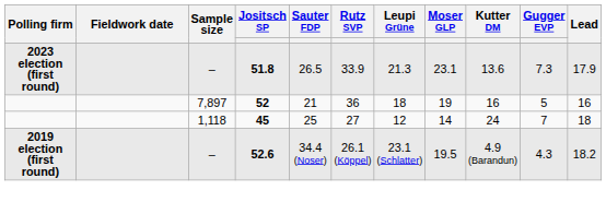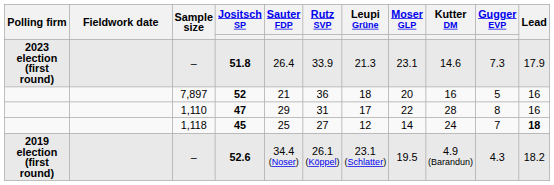 <table class="wikitable sortable" style="text-align:center;font-size:90%;line-height:14px;">
 <tr style="height:40px;">
 <th style="width:80px;" rowspan="2">Polling firm</th>
 <th style="width:130px;" rowspan="2">Fieldwork date</th>
 <th style="width:35px;" rowspan="2">Sample<br>size</th>
 <th class="unsortable" style="width:40px;"><a href='#'>Jositsch</a><br><small><a href='#'>SP</a></small></th>
 <th class="unsortable" style="width:40px;"><a href='#'>Sauter</a><br><small><a href='#'>FDP</a></small></th>
 <th class="unsortable" style="width:40px;"><a href='#'>Rutz</a><br><small><a href='#'>SVP</a></small></th>
 <th class="unsortable" style="width:40px;">Leupi<br><small><a href='#'>Grüne</a></small></th>
 <th class="unsortable" style="width:40px;"><a href='#'>Moser</a><br><small><a href='#'>GLP</a></small></th>
 <th class="unsortable" style="width:40px;">Kutter<br><small><a href='#'>DM</a></small></th>
 <th class="unsortable" style="width:40px;"><a href='#'>Gugger</a><br><small><a href='#'>EVP</a></small></th>
 <th style="width:30px;" rowspan="2">Lead</th>
 </tr>
 <tr>
 <th style="background:"></th>
 <th style="background:"></th>
 <th style="background:"></th>
 <th style="background:"></th>
 <th style="background:"></th>
 <th style="background:"></th>
 <th style="background:"></th>
 </tr>
 <tr style="background:#E9E9E9;">
 <td><strong>2023 election (first round)</strong></td>
 <td></td>
 <td>–</td>
 <td style="background:#"><strong>51.8</strong></td>
-<td>26.5</td>
+<td>26.4</td>
 <td>33.9</td>
 <td>21.3</td>
 <td>23.1</td>
-<td>13.6</td>
+<td>14.6</td>
 <td>7.3</td>
 <td style="background:">17.9</td>
 </tr>
 <tr>
 <td></td>
 <td></td>
 <td>7,897</td>
 <td style="background:#"><strong>52</strong></td>
 <td>21</td>
 <td>36</td>
 <td>18</td>
-<td>19</td>
+<td>20</td>
 <td>16</td>
 <td>5</td>
+<td style="background:">16</td>
+</tr>
+<tr>
+<td></td>
+<td></td>
+<td>1,110</td>
+<td style="background:#"><strong>47</strong></td>
+<td>29</td>
+<td>31</td>
+<td>17</td>
+<td>22</td>
+<td>28</td>
+<td>8</td>
 <td style="background:">16</td>
 </tr>
 <tr>
 <td></td>
 <td></td>
 <td>1,118</td>
 <td style="background:#"><strong>45</strong></td>
 <td>25</td>
 <td>27</td>
 <td>12</td>
 <td>14</td>
 <td>24</td>
 <td>7</td>
-<td style="background:">18</td>
+<td style="background:"><strong>18</strong></td>
 </tr>
 <tr style="background:#E9E9E9;">
 <td><strong>2019 election (first round)</strong></td>
 <td></td>
 <td>–</td>
 <td style="background:#"><strong>52.6</strong></td>
 <td>34.4<br><small>(<a href='#'>Noser</a>)</small></td>
 <td>26.1<br><small>(<a href='#'>Köppel</a>)</small></td>
 <td>23.1<br><small>(<a href='#'>Schlatter</a>)</small></td>
 <td>19.5</td>
 <td>4.9<br><small>(Barandun)</small></td>
 <td>4.3</td>
 <td style="background:">18.2</td>
 </tr>
 </table>
